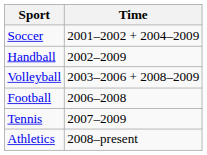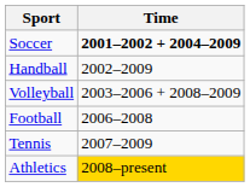 <table class="wikitable">
 <tr>
 <th>Sport</th>
 <th>Time</th>
 </tr>
 <tr>
 <td><a href='#'>Soccer</a></td>
-<td>2001–2002 + 2004–2009</td>
+<td><strong>2001–2002 + 2004–2009</strong></td>
 </tr>
 <tr>
 <td><a href='#'>Handball</a></td>
 <td>2002–2009</td>
 </tr>
 <tr>
 <td><a href='#'>Volleyball</a></td>
 <td>2003–2006 + 2008–2009</td>
 </tr>
 <tr>
 <td><a href='#'>Football</a></td>
 <td>2006–2008</td>
 </tr>
 <tr>
 <td><a href='#'>Tennis</a></td>
 <td>2007–2009</td>
 </tr>
 <tr>
 <td><a href='#'>Athletics</a></td>
-<td>2008–present</td>
+<td style="background: gold;">2008–present</td>
 </tr>
 </table>
